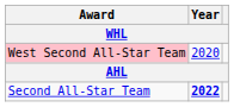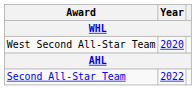 <table class="wikitable">
 <tr>
 <th>Award</th>
 <th>Year</th>
 <th></th>
 </tr>
 <tr ALIGN="center" bgcolor="#e0e0e0">
 <th colspan="3"><a href='#'>WHL</a></th>
 </tr>
 <tr>
-<td style="background: pink;">West Second All-Star Team</td>
+<td>West Second All-Star Team</td>
 <td><a href='#'>2020</a></td>
 <td></td>
 </tr>
 <tr ALIGN="center" bgcolor="#e0e0e0">
 <th colspan="3"><a href='#'>AHL</a></th>
 </tr>
 <tr>
 <td><a href='#'>Second All-Star Team</a></td>
-<td><strong><a href='#'>2022</a></strong></td>
+<td><a href='#'>2022</a></td>
 <td></td>
 </tr>
 </table>
